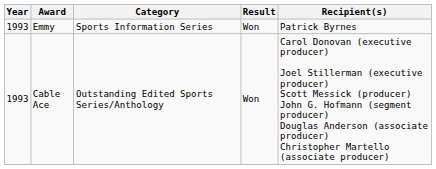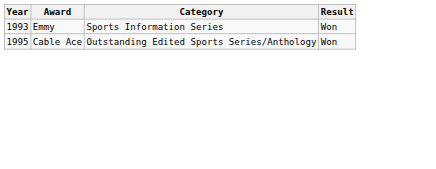 <table class="wikitable" border="1">
 <tr>
 <th>Year</th>
 <th>Award</th>
 <th>Category</th>
 <th>Result</th>
-<th>Recipient(s)</th>
 </tr>
 <tr>
 <td>1993</td>
 <td>Emmy</td>
 <td>Sports Information Series</td>
 <td>Won</td>
-<td>Patrick Byrnes</td>
 </tr>
 <tr>
-<td>1993</td>
+<td>1995</td>
 <td>Cable Ace</td>
 <td>Outstanding Edited Sports Series/Anthology</td>
 <td>Won</td>
-<td>Carol Donovan (executive producer)<br><br>Joel Stillerman (executive producer)<br> Scott Messick (producer)<br> John G. Hofmann (segment producer)<br> Douglas Anderson (associate producer)<br> Christopher Martello (associate producer)</td>
 </tr>
 </table>
